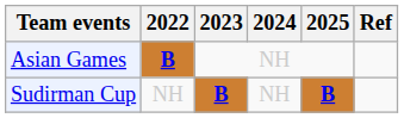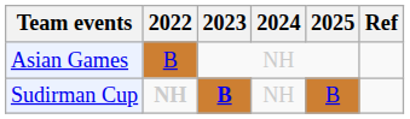 <table style='font-size: 90%; text-align:center;' class='wikitable'>
 <tr>
 <th>Team events</th>
 <th>2022</th>
 <th>2023</th>
 <th>2024</th>
 <th>2025</th>
 <th>Ref</th>
 </tr>
 <tr>
 <td bgcolor="#ECF2FF"; align="left"><a href='#'>Asian Games</a></td>
-<td bgcolor=CD7F32><strong><a href='#'>B</a></strong></td>
+<td bgcolor=CD7F32><a href='#'>B</a></td>
 <td colspan="3" style=color:#ccc>NH</td>
 </tr>
 <tr>
 <td bgcolor="#ECF2FF"; align="left"><a href='#'>Sudirman Cup</a></td>
-<td style=color:#ccc>NH</td>
+<td style=color:#ccc><strong>NH</strong></td>
 <td bgcolor=CD7F32><strong><a href='#'>B</a></strong></td>
 <td style=color:#ccc>NH</td>
-<td bgcolor=CD7F32><strong><a href='#'>B</a></strong></td>
+<td bgcolor=CD7F32><a href='#'>B</a></td>
 <td></td>
 </tr>
 </table>
